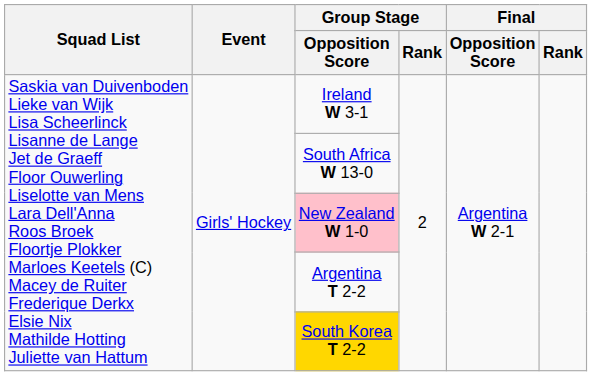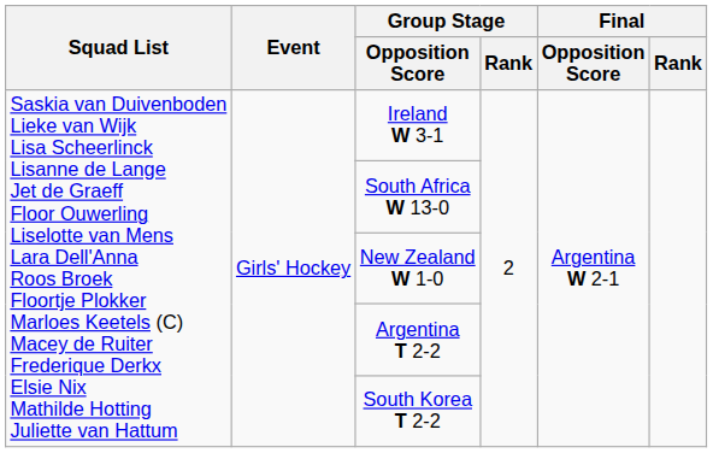 <table class=wikitable style="font-size:90%">
 <tr>
 <th rowspan=2>Squad List</th>
 <th rowspan=2>Event</th>
 <th colspan=2>Group Stage</th>
 <th colspan=2>Final</th>
 </tr>
 <tr>
 <th>Opposition<br>Score</th>
 <th>Rank</th>
 <th>Opposition<br>Score</th>
 <th>Rank</th>
 </tr>
 <tr>
 <td rowspan=5><a href='#'>Saskia van Duivenboden</a><br><a href='#'>Lieke van Wijk</a><br><a href='#'>Lisa Scheerlinck</a><br><a href='#'>Lisanne de Lange</a><br><a href='#'>Jet de Graeff</a><br><a href='#'>Floor Ouwerling</a><br><a href='#'>Liselotte van Mens</a><br><a href='#'>Lara Dell'Anna</a><br><a href='#'>Roos Broek</a><br><a href='#'>Floortje Plokker</a><br><a href='#'>Marloes Keetels</a> (C)<br><a href='#'>Macey de Ruiter</a><br><a href='#'>Frederique Derkx</a><br><a href='#'>Elsie Nix</a><br><a href='#'>Mathilde Hotting</a><br><a href='#'>Juliette van Hattum</a></td>
 <td rowspan=5><a href='#'>Girls' Hockey</a></td>
 <td align=center> <a href='#'>Ireland</a><br> <strong>W</strong> 3-1</td>
 <td rowspan=5 align=center>2</td>
 <td rowspan=5 align=center> <a href='#'>Argentina</a><br> <strong>W</strong> 2-1</td>
 <td rowspan=5 align=center></td>
 </tr>
 <tr>
 <td align=center> <a href='#'>South Africa</a><br> <strong>W</strong> 13-0</td>
 </tr>
 <tr>
-<td align=center style="background: pink;"> <a href='#'>New Zealand</a><br> <strong>W</strong> 1-0</td>
+<td align=center> <a href='#'>New Zealand</a><br> <strong>W</strong> 1-0</td>
 </tr>
 <tr>
 <td align=center> <a href='#'>Argentina</a><br> <strong>T</strong> 2-2</td>
 </tr>
 <tr>
-<td align=center style="background: gold;"> <a href='#'>South Korea</a><br> <strong>T</strong> 2-2</td>
+<td align=center> <a href='#'>South Korea</a><br> <strong>T</strong> 2-2</td>
 </tr>
 </table>
